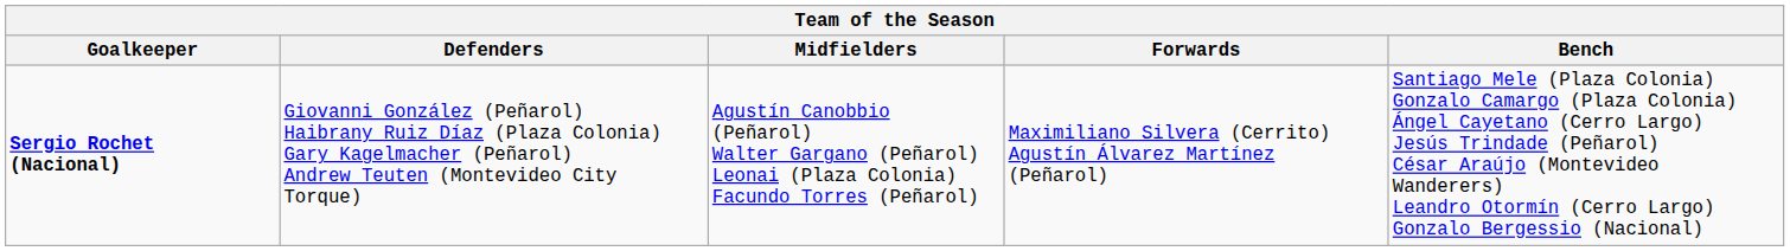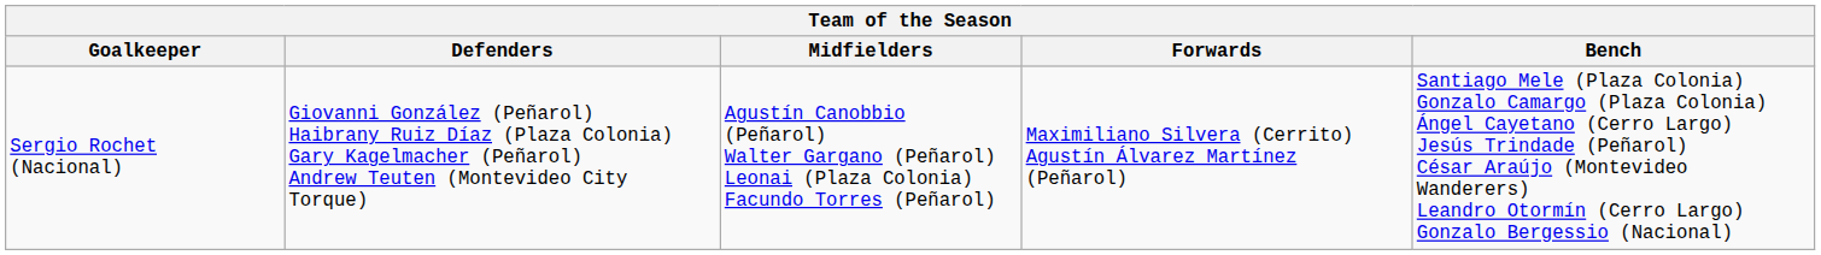 <table class="wikitable">
 <tr>
 <th colspan="13">Team of the Season</th>
 </tr>
 <tr>
 <th>Goalkeeper</th>
 <th>Defenders</th>
 <th>Midfielders</th>
 <th>Forwards</th>
 <th>Bench</th>
 </tr>
 <tr>
-<td><strong> <a href='#'>Sergio Rochet</a> (Nacional)</strong></td>
+<td> <a href='#'>Sergio Rochet</a> (Nacional)</td>
 <td> <a href='#'>Giovanni González</a> (Peñarol)<br> <a href='#'>Haibrany Ruiz Díaz</a> (Plaza Colonia)<br> <a href='#'>Gary Kagelmacher</a> (Peñarol)<br> <a href='#'>Andrew Teuten</a> (Montevideo City Torque)</td>
 <td> <a href='#'>Agustín Canobbio</a> (Peñarol)<br> <a href='#'>Walter Gargano</a> (Peñarol)<br> <a href='#'>Leonai</a> (Plaza Colonia)<br> <a href='#'>Facundo Torres</a> (Peñarol)</td>
 <td> <a href='#'>Maximiliano Silvera</a> (Cerrito)<br> <a href='#'>Agustín Álvarez Martínez</a> (Peñarol)</td>
 <td> <a href='#'>Santiago Mele</a> (Plaza Colonia)<br> <a href='#'>Gonzalo Camargo</a> (Plaza Colonia)<br> <a href='#'>Ángel Cayetano</a> (Cerro Largo)<br> <a href='#'>Jesús Trindade</a> (Peñarol)<br> <a href='#'>César Araújo</a> (Montevideo Wanderers)<br> <a href='#'>Leandro Otormín</a> (Cerro Largo)<br> <a href='#'>Gonzalo Bergessio</a> (Nacional)</td>
 </tr>
 </table>
